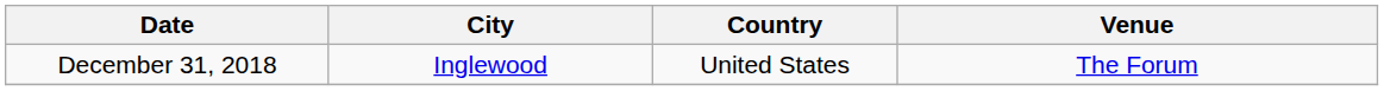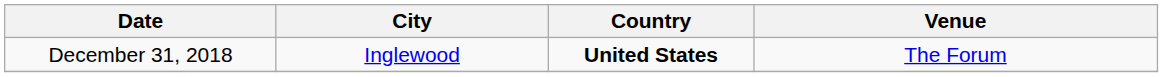 <table class="wikitable" style="text-align:center;">
 <tr>
 <th style="width:200px;">Date</th>
 <th style="width:200px;">City</th>
 <th style="width:150px;">Country</th>
 <th style="width:300px;">Venue</th>
 </tr>
 <tr>
 <td>December 31, 2018</td>
 <td><a href='#'>Inglewood</a></td>
-<td>United States</td>
+<td><strong>United States</strong></td>
 <td><a href='#'>The Forum</a></td>
 </tr>
 <tr>
 </tr>
 </table>
